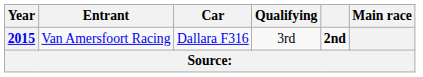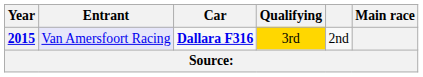 <table class="wikitable" style="text-align:center; font-size:90%">
 <tr>
 <th>Year</th>
 <th>Entrant</th>
 <th>Car</th>
 <th>Qualifying</th>
 <th></th>
 <th>Main race</th>
 </tr>
 <tr>
 <th><a href='#'>2015</a></th>
-<td align=left nowrap> <a href='#'>Van Amersfoort Racing</a></td>
-<td align=left nowrap><a href='#'>Dallara F316</a></td>
-<td>3rd</td>
-<td><strong>2nd</strong></td>
+<td align=left nowrap style="background: lavender;"> <a href='#'>Van Amersfoort Racing</a></td>
+<td align=left nowrap><strong><a href='#'>Dallara F316</a></strong></td>
+<td style="background: gold;">3rd</td>
+<td>2nd</td>
 <th></th>
 </tr>
 <tr>
 <th colspan="100">Source:</th>
 </tr>
 </table>
